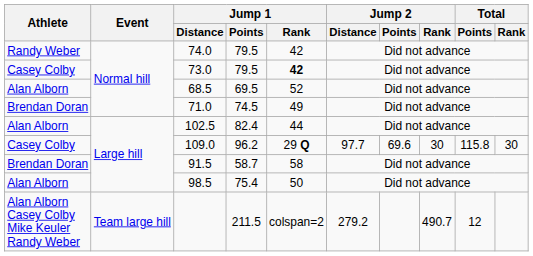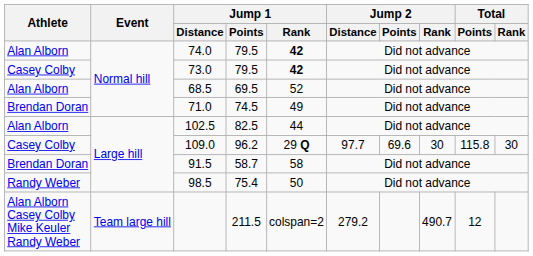 <table class=wikitable style=font-size:90%;text-align:center>
 <tr>
 <th rowspan=2>Athlete</th>
 <th rowspan=2>Event</th>
 <th colspan=3>Jump 1</th>
 <th colspan=3>Jump 2</th>
 <th colspan=2>Total</th>
 </tr>
 <tr style=font-size:95%>
 <th>Distance</th>
 <th>Points</th>
 <th>Rank</th>
 <th>Distance</th>
 <th>Points</th>
 <th>Rank</th>
 <th>Points</th>
 <th>Rank</th>
 </tr>
 <tr>
-<td align=left><a href='#'>Randy Weber</a></td>
+<td align=left><a href='#'>Alan Alborn</a></td>
 <td align=left rowspan=4><a href='#'>Normal hill</a></td>
 <td>74.0</td>
 <td>79.5</td>
-<td>42</td>
+<td><strong>42</strong></td>
 <td colspan=5>Did not advance</td>
 </tr>
 <tr>
 <td align=left><a href='#'>Casey Colby</a></td>
 <td>73.0</td>
 <td>79.5</td>
 <td><strong>42</strong></td>
 <td colspan=5>Did not advance</td>
 </tr>
 <tr>
 <td align=left><a href='#'>Alan Alborn</a></td>
 <td>68.5</td>
 <td>69.5</td>
 <td>52</td>
 <td colspan=5>Did not advance</td>
 </tr>
 <tr>
 <td align=left><a href='#'>Brendan Doran</a></td>
 <td>71.0</td>
 <td>74.5</td>
 <td>49</td>
 <td colspan=5>Did not advance</td>
 </tr>
 <tr>
 <td align=left><a href='#'>Alan Alborn</a></td>
 <td align=left rowspan=4><a href='#'>Large hill</a></td>
 <td>102.5</td>
-<td>82.4</td>
+<td>82.5</td>
 <td>44</td>
 <td colspan=5>Did not advance</td>
 </tr>
 <tr>
 <td align=left><a href='#'>Casey Colby</a></td>
 <td>109.0</td>
 <td>96.2</td>
 <td>29 <strong>Q</strong></td>
 <td>97.7</td>
 <td>69.6</td>
 <td>30</td>
 <td>115.8</td>
 <td>30</td>
 </tr>
 <tr>
 <td align=left><a href='#'>Brendan Doran</a></td>
 <td>91.5</td>
 <td>58.7</td>
 <td>58</td>
 <td colspan=5>Did not advance</td>
 </tr>
 <tr>
-<td align=left><a href='#'>Alan Alborn</a></td>
+<td align=left><a href='#'>Randy Weber</a></td>
 <td>98.5</td>
 <td>75.4</td>
 <td>50</td>
 <td colspan=5>Did not advance</td>
 </tr>
 <tr>
 <td align=left><a href='#'>Alan Alborn</a><br><a href='#'>Casey Colby</a><br><a href='#'>Mike Keuler</a><br><a href='#'>Randy Weber</a></td>
 <td align=left><a href='#'>Team large hill</a></td>
 <td></td>
 <td>211.5</td>
 <td>colspan=2 </td>
 <td>279.2</td>
 <td></td>
 <td>490.7</td>
 <td>12</td>
 </tr>
 </table>
